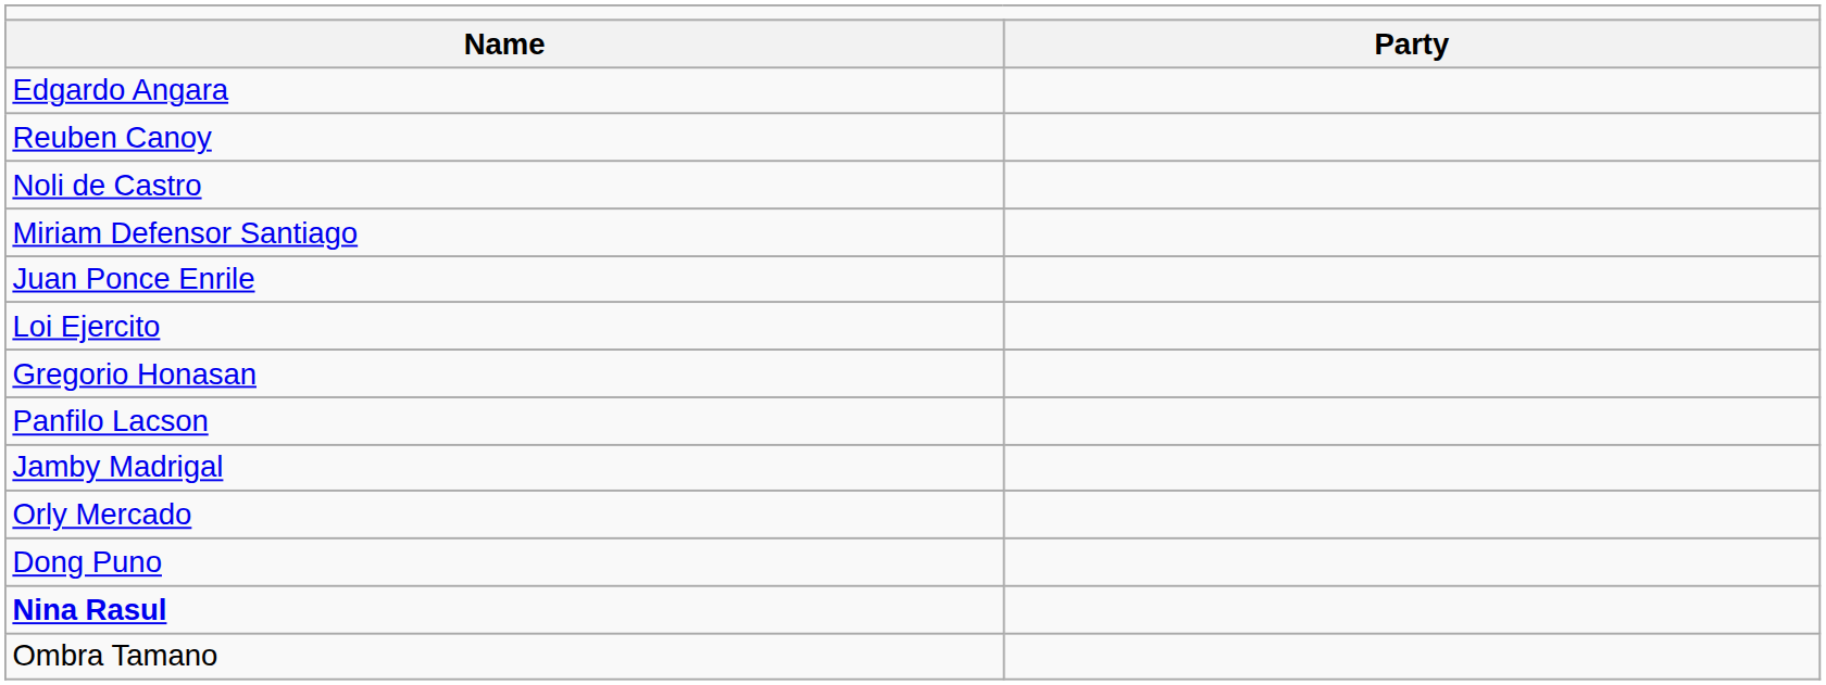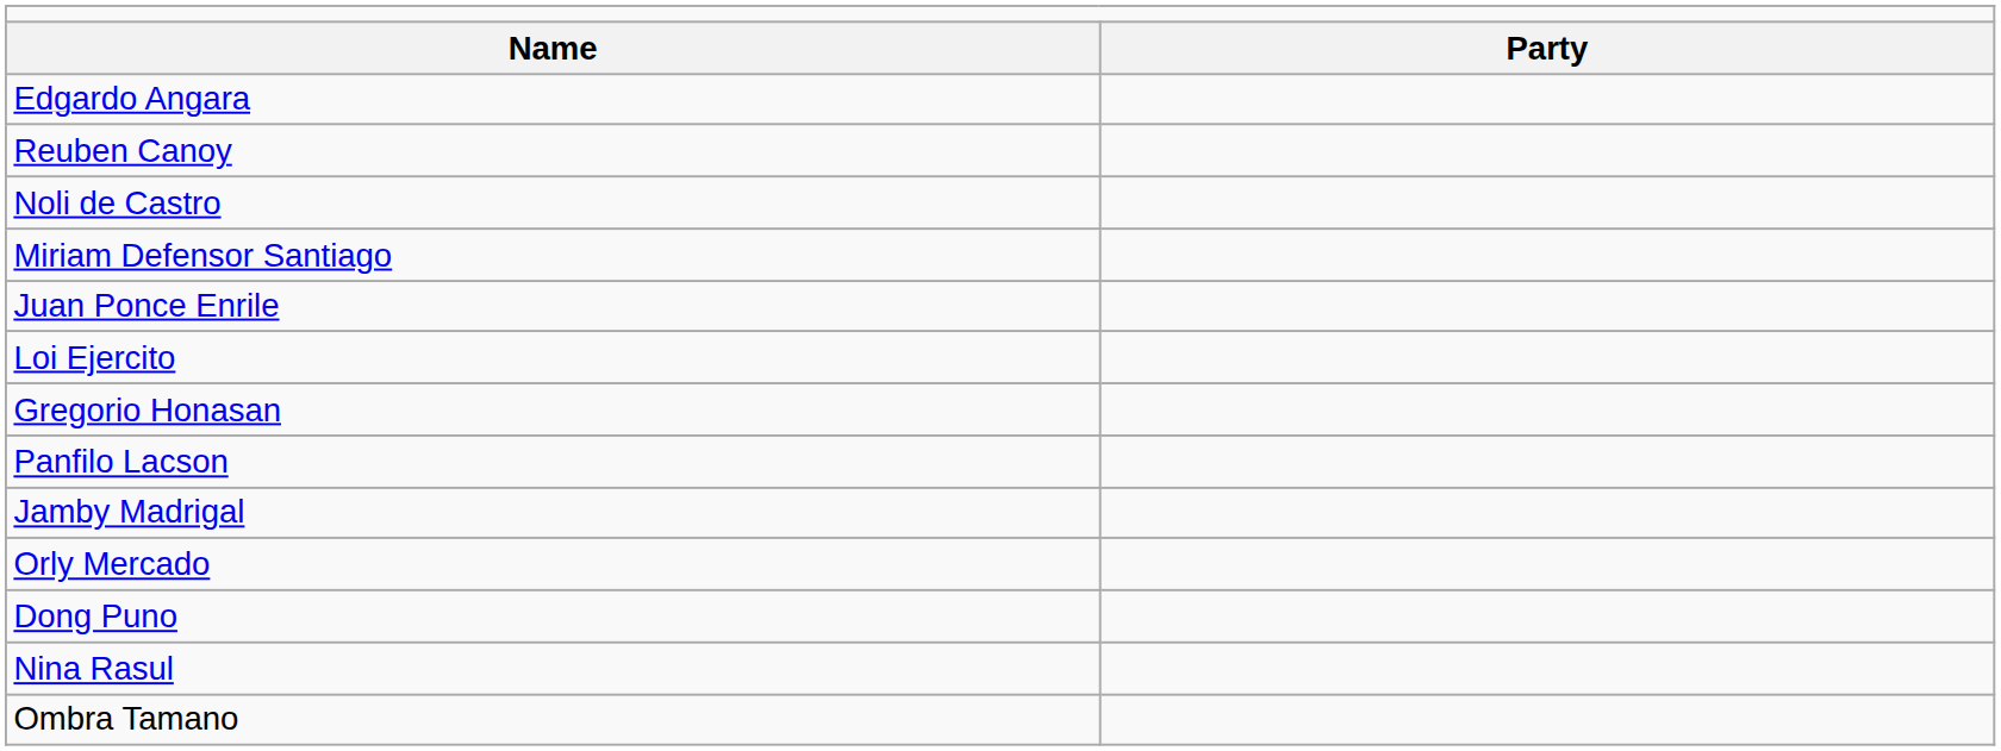 <table class=wikitable style="font-size:90%" width=99%>
 <tr>
 <td colspan=4 bgcolor=></td>
 </tr>
 <tr>
 <th width=55%>Name</th>
 <th colspan=2>Party</th>
 </tr>
 <tr>
 <td><a href='#'>Edgardo Angara</a></td>
 <td></td>
 </tr>
 <tr>
 <td><a href='#'>Reuben Canoy</a></td>
 <td></td>
 </tr>
 <tr>
 <td><a href='#'>Noli de Castro</a></td>
 <td></td>
 </tr>
 <tr>
 <td><a href='#'>Miriam Defensor Santiago</a></td>
 <td></td>
 </tr>
 <tr>
 <td><a href='#'>Juan Ponce Enrile</a></td>
 <td></td>
 </tr>
 <tr>
 <td><a href='#'>Loi Ejercito</a></td>
 <td></td>
 </tr>
 <tr>
 <td><a href='#'>Gregorio Honasan</a></td>
 <td></td>
 </tr>
 <tr>
 <td><a href='#'>Panfilo Lacson</a></td>
 <td></td>
 </tr>
 <tr>
 <td><a href='#'>Jamby Madrigal</a></td>
 <td></td>
 </tr>
 <tr>
 <td><a href='#'>Orly Mercado</a></td>
 <td></td>
 </tr>
 <tr>
 <td><a href='#'>Dong Puno</a></td>
 <td></td>
 </tr>
 <tr>
-<td><strong><a href='#'>Nina Rasul</a></strong></td>
+<td><a href='#'>Nina Rasul</a></td>
 <td></td>
 </tr>
 <tr>
 <td>Ombra Tamano</td>
 <td></td>
 </tr>
 </table>
